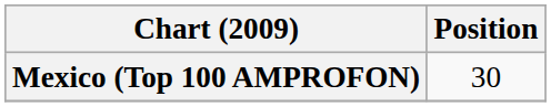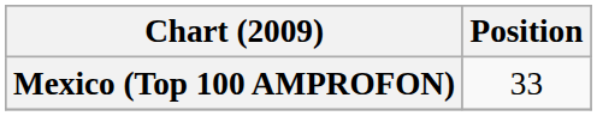 <table class="wikitable  plainrowheaders">
 <tr>
 <th style="text-align:center;">Chart (2009)</th>
 <th style="text-align:center;">Position</th>
 </tr>
 <tr>
 <th scope="row" style="text-align:left;">Mexico (Top 100 AMPROFON)</th>
-<td style="text-align:center;">30</td>
+<td style="text-align:center;">33</td>
 </tr>
 <tr>
 </tr>
 </table>
